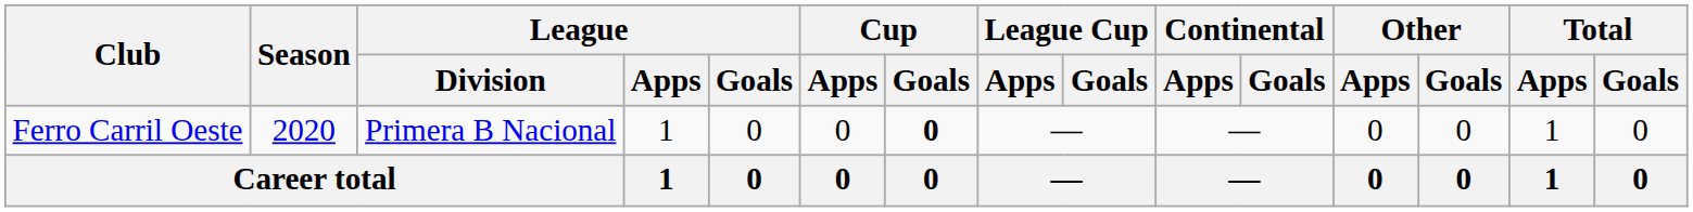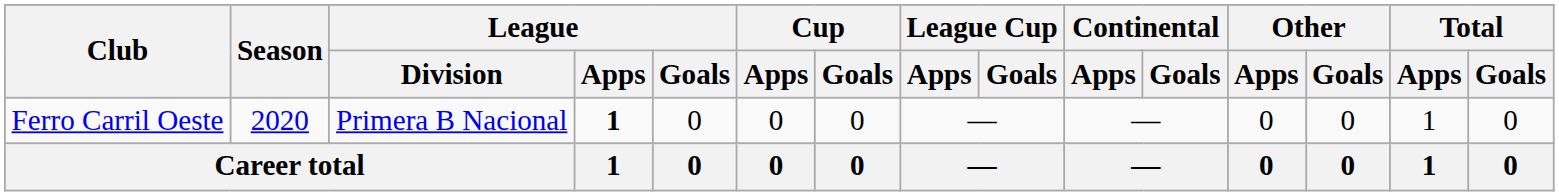 <table class="wikitable" style="text-align:center">
 <tr>
 <th rowspan="2">Club</th>
 <th rowspan="2">Season</th>
 <th colspan="3">League</th>
 <th colspan="2">Cup</th>
 <th colspan="2">League Cup</th>
 <th colspan="2">Continental</th>
 <th colspan="2">Other</th>
 <th colspan="2">Total</th>
 </tr>
 <tr>
 <th>Division</th>
 <th>Apps</th>
 <th>Goals</th>
 <th>Apps</th>
 <th>Goals</th>
 <th>Apps</th>
 <th>Goals</th>
 <th>Apps</th>
 <th>Goals</th>
 <th>Apps</th>
 <th>Goals</th>
 <th>Apps</th>
 <th>Goals</th>
 </tr>
 <tr>
 <td rowspan="1"><a href='#'>Ferro Carril Oeste</a></td>
 <td><a href='#'>2020</a></td>
 <td rowspan="1"><a href='#'>Primera B Nacional</a></td>
-<td>1</td>
+<td><strong>1</strong></td>
 <td>0</td>
 <td>0</td>
-<td><strong>0</strong></td>
+<td>0</td>
 <td colspan="2">—</td>
 <td colspan="2">—</td>
 <td>0</td>
 <td>0</td>
 <td>1</td>
 <td>0</td>
 </tr>
 <tr>
 <th colspan="3">Career total</th>
 <th>1</th>
 <th>0</th>
 <th>0</th>
 <th>0</th>
 <th colspan="2">—</th>
 <th colspan="2">—</th>
 <th>0</th>
 <th>0</th>
 <th>1</th>
 <th>0</th>
 </tr>
 </table>
